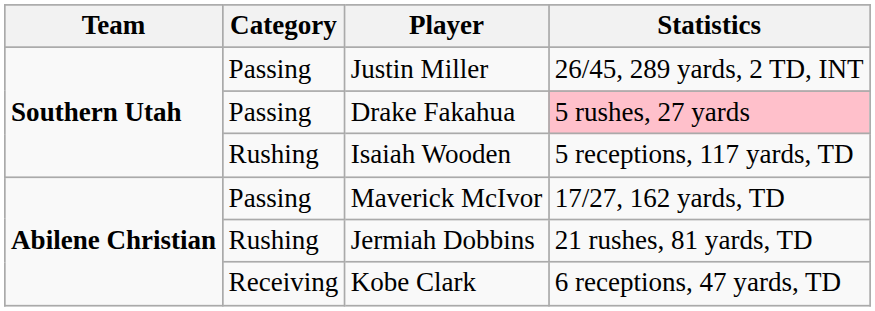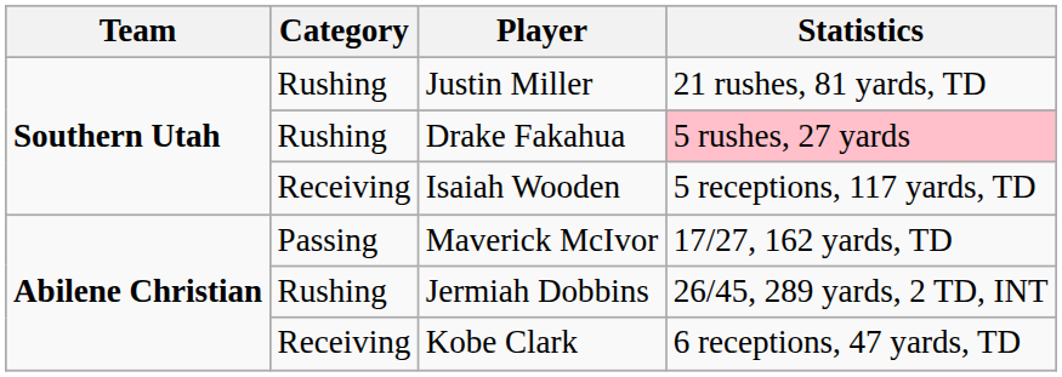 <table class="wikitable" style="float: left;">
 <tr>
 <th>Team</th>
 <th>Category</th>
 <th>Player</th>
 <th>Statistics</th>
 </tr>
 <tr>
 <td rowspan=3><strong>Southern Utah</strong></td>
-<td>Passing</td>
+<td>Rushing</td>
 <td>Justin Miller</td>
-<td>26/45, 289 yards, 2 TD, INT</td>
+<td>21 rushes, 81 yards, TD</td>
 </tr>
 <tr>
-<td>Passing</td>
+<td>Rushing</td>
 <td>Drake Fakahua</td>
 <td style="background: pink;">5 rushes, 27 yards</td>
 </tr>
 <tr>
-<td>Rushing</td>
+<td>Receiving</td>
 <td>Isaiah Wooden</td>
 <td>5 receptions, 117 yards, TD</td>
 </tr>
 <tr>
 <td rowspan=3><strong>Abilene Christian</strong></td>
 <td>Passing</td>
 <td>Maverick McIvor</td>
 <td>17/27, 162 yards, TD</td>
 </tr>
 <tr>
 <td>Rushing</td>
 <td>Jermiah Dobbins</td>
-<td>21 rushes, 81 yards, TD</td>
+<td>26/45, 289 yards, 2 TD, INT</td>
 </tr>
 <tr>
 <td>Receiving</td>
 <td>Kobe Clark</td>
 <td>6 receptions, 47 yards, TD</td>
 </tr>
 </table>
